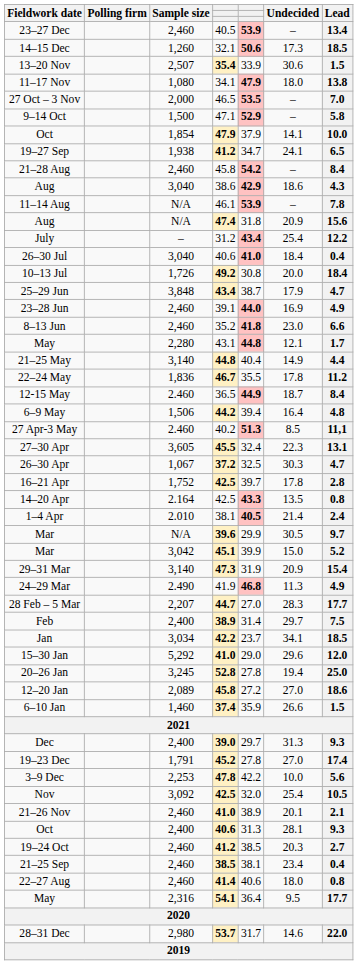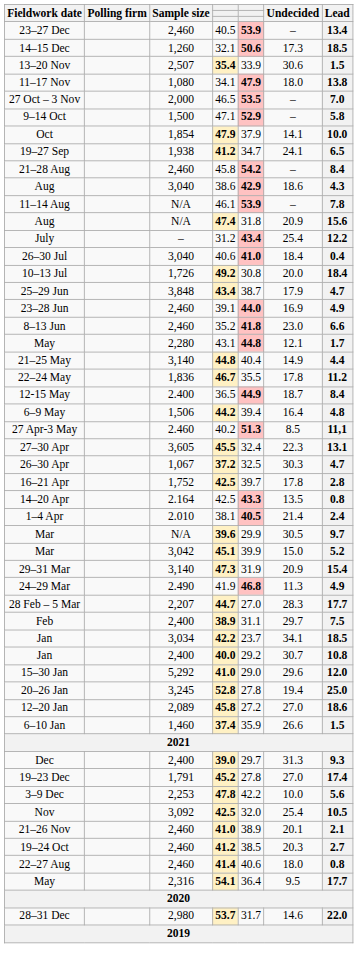 <table class="wikitable mw-datatable mw-collapsible mw-collapsed" style="text-align:center; font-size:85%; line-height:14px;">
 <tr>
 <th rowspan="3">Fieldwork date</th>
 <th rowspan="3">Polling firm</th>
 <th rowspan="3">Sample size</th>
 <th></th>
 <th></th>
 <th rowspan="3">Undecided</th>
 <th rowspan="3">Lead</th>
 </tr>
 <tr>
 <th></th>
 <th></th>
 </tr>
 <tr>
 <th style="background:"></th>
 <th style="background:"></th>
 </tr>
 <tr>
 <td>23–27 Dec</td>
 <td></td>
 <td>2,460</td>
 <td>40.5</td>
 <td style="background:#FFC2C2"><strong>53.9</strong></td>
 <td>–</td>
 <th style="background:">13.4</th>
 </tr>
 <tr>
 <td>14–15 Dec</td>
 <td></td>
 <td>1,260</td>
 <td>32.1</td>
 <td style="background:#FFC2C2"><strong>50.6</strong></td>
 <td>17.3</td>
 <th style="background:">18.5</th>
 </tr>
 <tr>
 <td>13–20 Nov</td>
 <td></td>
 <td>2,507</td>
 <td style="background:#FFF1C4"><strong>35.4</strong></td>
 <td>33.9</td>
 <td>30.6</td>
 <th style="background:">1.5</th>
 </tr>
 <tr>
 <td>11–17 Nov</td>
 <td></td>
 <td>1,080</td>
 <td>34.1</td>
 <td style="background:#FFC2C2"><strong>47.9</strong></td>
 <td>18.0</td>
 <th style="background:">13.8</th>
 </tr>
 <tr>
 <td>27 Oct – 3 Nov</td>
 <td></td>
 <td>2,000</td>
 <td>46.5</td>
 <td style="background:#FFC2C2"><strong>53.5</strong></td>
 <td>–</td>
 <th style="background:">7.0</th>
 </tr>
 <tr>
 <td>9–14 Oct</td>
 <td></td>
 <td>1,500</td>
 <td>47.1</td>
 <td style="background:#FFC2C2"><strong>52.9</strong></td>
 <td>–</td>
 <th style="background:">5.8</th>
 </tr>
 <tr>
 <td>Oct</td>
 <td></td>
 <td>1,854</td>
 <td style="background:#FFF1C4"><strong>47.9</strong></td>
 <td>37.9</td>
 <td>14.1</td>
 <th style="background:">10.0</th>
 </tr>
 <tr>
 <td>19–27 Sep</td>
 <td></td>
 <td>1,938</td>
 <td style="background:#FFF1C4"><strong>41.2</strong></td>
 <td>34.7</td>
 <td>24.1</td>
 <th style="background:">6.5</th>
 </tr>
 <tr>
 <td>21–28 Aug</td>
 <td></td>
 <td>2,460</td>
 <td>45.8</td>
 <td style="background:#FFC2C2"><strong>54.2</strong></td>
 <td>–</td>
 <th style="background:">8.4</th>
 </tr>
 <tr>
 <td>Aug</td>
 <td></td>
 <td>3,040</td>
 <td>38.6</td>
 <td style="background:#FFC2C2"><strong>42.9</strong></td>
 <td>18.6</td>
 <th style="background:">4.3</th>
 </tr>
 <tr>
 <td>11–14 Aug</td>
 <td></td>
 <td>N/A</td>
 <td>46.1</td>
 <td style="background:#FFC2C2"><strong>53.9</strong></td>
 <td>–</td>
 <th style="background:">7.8</th>
 </tr>
 <tr>
 <td>Aug</td>
 <td></td>
 <td>N/A</td>
 <td style="background:#FFF1C4"><strong>47.4</strong></td>
 <td>31.8</td>
 <td>20.9</td>
 <th style="background:">15.6</th>
 </tr>
 <tr>
 <td>July</td>
 <td></td>
 <td>–</td>
 <td>31.2</td>
 <td style="background:#FFC2C2"><strong>43.4</strong></td>
 <td>25.4</td>
 <th style="background:">12.2</th>
 </tr>
 <tr>
 <td>26–30 Jul</td>
 <td></td>
 <td>3,040</td>
 <td>40.6</td>
 <td style="background:#FFC2C2"><strong>41.0</strong></td>
 <td>18.4</td>
 <th style="background:">0.4</th>
 </tr>
 <tr>
 <td>10–13 Jul</td>
 <td></td>
 <td>1,726</td>
 <td style="background:#FFF1C4"><strong>49.2</strong></td>
 <td>30.8</td>
 <td>20.0</td>
 <th style="background:">18.4</th>
 </tr>
 <tr>
 <td>25–29 Jun</td>
 <td></td>
 <td>3,848</td>
 <td style="background:#FFF1C4"><strong>43.4</strong></td>
 <td>38.7</td>
 <td>17.9</td>
 <th style="background:">4.7</th>
 </tr>
 <tr>
 <td>23–28 Jun</td>
 <td></td>
 <td>2,460</td>
 <td>39.1</td>
 <td style="background:#FFC2C2"><strong>44.0</strong></td>
 <td>16.9</td>
 <th style="background:">4.9</th>
 </tr>
 <tr>
 <td>8–13 Jun</td>
 <td></td>
 <td>2,460</td>
 <td>35.2</td>
 <td style="background:#FFC2C2"><strong>41.8</strong></td>
 <td>23.0</td>
 <th style="background:">6.6</th>
 </tr>
 <tr>
 <td>May</td>
 <td></td>
 <td>2,280</td>
 <td>43.1</td>
 <td style="background:#FFC2C2"><strong>44.8</strong></td>
 <td>12.1</td>
 <th style="background:">1.7</th>
 </tr>
 <tr>
 <td>21–25 May</td>
 <td></td>
 <td>3,140</td>
 <td style="background:#FFF1C4"><strong>44.8</strong></td>
 <td>40.4</td>
 <td>14.9</td>
 <th style="background:">4.4</th>
 </tr>
 <tr>
 <td>22–24 May</td>
 <td></td>
 <td>1,836</td>
 <td style="background:#FFF1C4"><strong>46.7</strong></td>
 <td>35.5</td>
 <td>17.8</td>
 <th style="background:">11.2</th>
 </tr>
 <tr>
 <td>12-15 May</td>
 <td></td>
-<td>2.460</td>
+<td>2.400</td>
 <td>36.5</td>
 <td style="background:#FFC2C2"><strong>44.9</strong></td>
 <td>18.7</td>
 <th style="background:">8.4</th>
 </tr>
 <tr>
 <td>6–9 May</td>
 <td></td>
 <td>1,506</td>
 <td style="background:#FFF1C4"><strong>44.2</strong></td>
 <td>39.4</td>
 <td>16.4</td>
 <th style="background:">4.8</th>
 </tr>
 <tr>
 <td>27 Apr-3 May</td>
 <td></td>
 <td>2.460</td>
 <td>40.2</td>
 <td style="background:#FFC2C2"><strong>51.3</strong></td>
 <td>8.5</td>
 <th style="background:">11,1</th>
 </tr>
 <tr>
 <td>27–30 Apr</td>
 <td></td>
 <td>3,605</td>
 <td style="background:#FFF1C4"><strong>45.5</strong></td>
 <td>32.4</td>
 <td>22.3</td>
 <th style="background:">13.1</th>
 </tr>
 <tr>
 <td>26–30 Apr</td>
 <td></td>
 <td>1,067</td>
 <td style="background:#FFF1C4"><strong>37.2</strong></td>
 <td>32.5</td>
 <td>30.3</td>
 <th style="background:">4.7</th>
 </tr>
 <tr>
 <td>16–21 Apr</td>
 <td></td>
 <td>1,752</td>
 <td style="background:#FFF1C4"><strong>42.5</strong></td>
 <td>39.7</td>
 <td>17.8</td>
 <th style="background:">2.8</th>
 </tr>
 <tr>
 <td>14–20 Apr</td>
 <td></td>
 <td>2.164</td>
 <td>42.5</td>
 <td style="background:#FFC2C2"><strong>43.3</strong></td>
 <td>13.5</td>
 <th style="background:">0.8</th>
 </tr>
 <tr>
 <td>1–4 Apr</td>
 <td></td>
 <td>2.010</td>
 <td>38.1</td>
 <td style="background:#FFC2C2"><strong>40.5</strong></td>
 <td>21.4</td>
 <th style="background:">2.4</th>
 </tr>
 <tr>
 <td>Mar</td>
 <td></td>
 <td>N/A</td>
 <td style="background:#FFF1C4"><strong>39.6</strong></td>
 <td>29.9</td>
 <td>30.5</td>
 <th style="background:">9.7</th>
 </tr>
 <tr>
 <td>Mar</td>
 <td></td>
 <td>3,042</td>
 <td style="background:#FFF1C4"><strong>45.1</strong></td>
 <td>39.9</td>
 <td>15.0</td>
 <th style="background:">5.2</th>
 </tr>
 <tr>
 <td>29–31 Mar</td>
 <td></td>
 <td>3,140</td>
 <td style="background:#FFF1C4"><strong>47.3</strong></td>
 <td>31.9</td>
 <td>20.9</td>
 <th style="background:">15.4</th>
 </tr>
 <tr>
 <td>24–29 Mar</td>
 <td></td>
 <td>2.490</td>
 <td>41.9</td>
 <td style="background:#FFC2C2"><strong>46.8</strong></td>
 <td>11.3</td>
 <th style="background:">4.9</th>
 </tr>
 <tr>
 <td>28 Feb – 5 Mar</td>
 <td></td>
 <td>2,207</td>
 <td style="background:#FFF1C4"><strong>44.7</strong></td>
 <td>27.0</td>
 <td>28.3</td>
 <th style="background:">17.7</th>
 </tr>
 <tr>
 <td>Feb</td>
 <td></td>
 <td>2,400</td>
 <td style="background:#FFF1C4"><strong>38.9</strong></td>
-<td>31.4</td>
+<td>31.1</td>
 <td>29.7</td>
 <th style="background:">7.5</th>
 </tr>
 <tr>
 <td>Jan</td>
 <td></td>
 <td>3,034</td>
 <td style="background:#FFF1C4"><strong>42.2</strong></td>
 <td>23.7</td>
 <td>34.1</td>
 <th style="background:">18.5</th>
+</tr>
+<tr>
+<td>Jan</td>
+<td></td>
+<td>2,400</td>
+<td style="background:#FFF1C4"><strong>40.0</strong></td>
+<td>29.2</td>
+<td>30.7</td>
+<th style="background:">10.8</th>
 </tr>
 <tr>
 <td>15–30 Jan</td>
 <td></td>
 <td>5,292</td>
 <td style="background:#FFF1C4"><strong>41.0</strong></td>
 <td>29.0</td>
 <td>29.6</td>
 <th style="background:">12.0</th>
 </tr>
 <tr>
 <td>20–26 Jan</td>
 <td></td>
 <td>3,245</td>
 <td style="background:#FFF1C4"><strong>52.8</strong></td>
 <td>27.8</td>
 <td>19.4</td>
 <th style="background:">25.0</th>
 </tr>
 <tr>
 <td>12–20 Jan</td>
 <td></td>
 <td>2,089</td>
 <td style="background:#FFF1C4"><strong>45.8</strong></td>
 <td>27.2</td>
 <td>27.0</td>
 <th style="background:">18.6</th>
 </tr>
 <tr>
 <td>6–10 Jan</td>
 <td></td>
 <td>1,460</td>
 <td style="background:#FFF1C4"><strong>37.4</strong></td>
 <td>35.9</td>
 <td>26.6</td>
 <th style="background:">1.5</th>
 </tr>
 <tr>
 <th colspan=7>2021</th>
 </tr>
 <tr>
 <td>Dec</td>
 <td></td>
 <td>2,400</td>
 <td style="background:#FFF1C4"><strong>39.0</strong></td>
 <td>29.7</td>
 <td>31.3</td>
 <th style="background:">9.3</th>
 </tr>
 <tr>
 <td>19–23 Dec</td>
 <td></td>
 <td>1,791</td>
 <td style="background:#FFF1C4"><strong>45.2</strong></td>
 <td>27.8</td>
 <td>27.0</td>
 <th style="background:">17.4</th>
 </tr>
 <tr>
 <td>3–9 Dec</td>
 <td></td>
 <td>2,253</td>
 <td style="background:#FFF1C4"><strong>47.8</strong></td>
 <td>42.2</td>
 <td>10.0</td>
 <th style="background:">5.6</th>
 </tr>
 <tr>
 <td>Nov</td>
 <td></td>
 <td>3,092</td>
 <td style="background:#FFF1C4"><strong>42.5</strong></td>
 <td>32.0</td>
 <td>25.4</td>
 <th style="background:">10.5</th>
 </tr>
 <tr>
 <td>21–26 Nov</td>
 <td></td>
 <td>2,460</td>
 <td style="background:#FFF1C4"><strong>41.0</strong></td>
 <td>38.9</td>
 <td>20.1</td>
 <th style="background:">2.1</th>
 </tr>
 <tr>
-<td>Oct</td>
-<td></td>
-<td>2,400</td>
-<td style="background:#FFF1C4"><strong>40.6</strong></td>
-<td>31.3</td>
-<td>28.1</td>
-<th style="background:">9.3</th>
-</tr>
-<tr>
 <td>19–24 Oct</td>
 <td></td>
 <td>2,460</td>
 <td style="background:#FFF1C4"><strong>41.2</strong></td>
 <td>38.5</td>
 <td>20.3</td>
 <th style="background:">2.7</th>
-</tr>
-<tr>
-<td>21–25 Sep</td>
-<td></td>
-<td>2,460</td>
-<td style="background:#FFF1C4"><strong>38.5</strong></td>
-<td>38.1</td>
-<td>23.4</td>
-<th style="background:">0.4</th>
 </tr>
 <tr>
 <td>22–27 Aug</td>
 <td></td>
 <td>2,460</td>
 <td style="background:#FFF1C4"><strong>41.4</strong></td>
 <td>40.6</td>
 <td>18.0</td>
 <th style="background:">0.8</th>
 </tr>
 <tr>
 <td>May</td>
 <td></td>
 <td>2,316</td>
 <td style="background:#FFF1C4"><strong>54.1</strong></td>
 <td>36.4</td>
 <td>9.5</td>
 <th style="background:">17.7</th>
 </tr>
 <tr>
 <th colspan=7>2020</th>
 </tr>
 <tr>
 <td>28–31 Dec</td>
 <td></td>
 <td>2,980</td>
 <td style="background:#FFF1C4"><strong>53.7</strong></td>
 <td>31.7</td>
 <td>14.6</td>
 <th style="background:">22.0</th>
 </tr>
 <tr>
 <th colspan=7>2019</th>
 </tr>
 </table>
